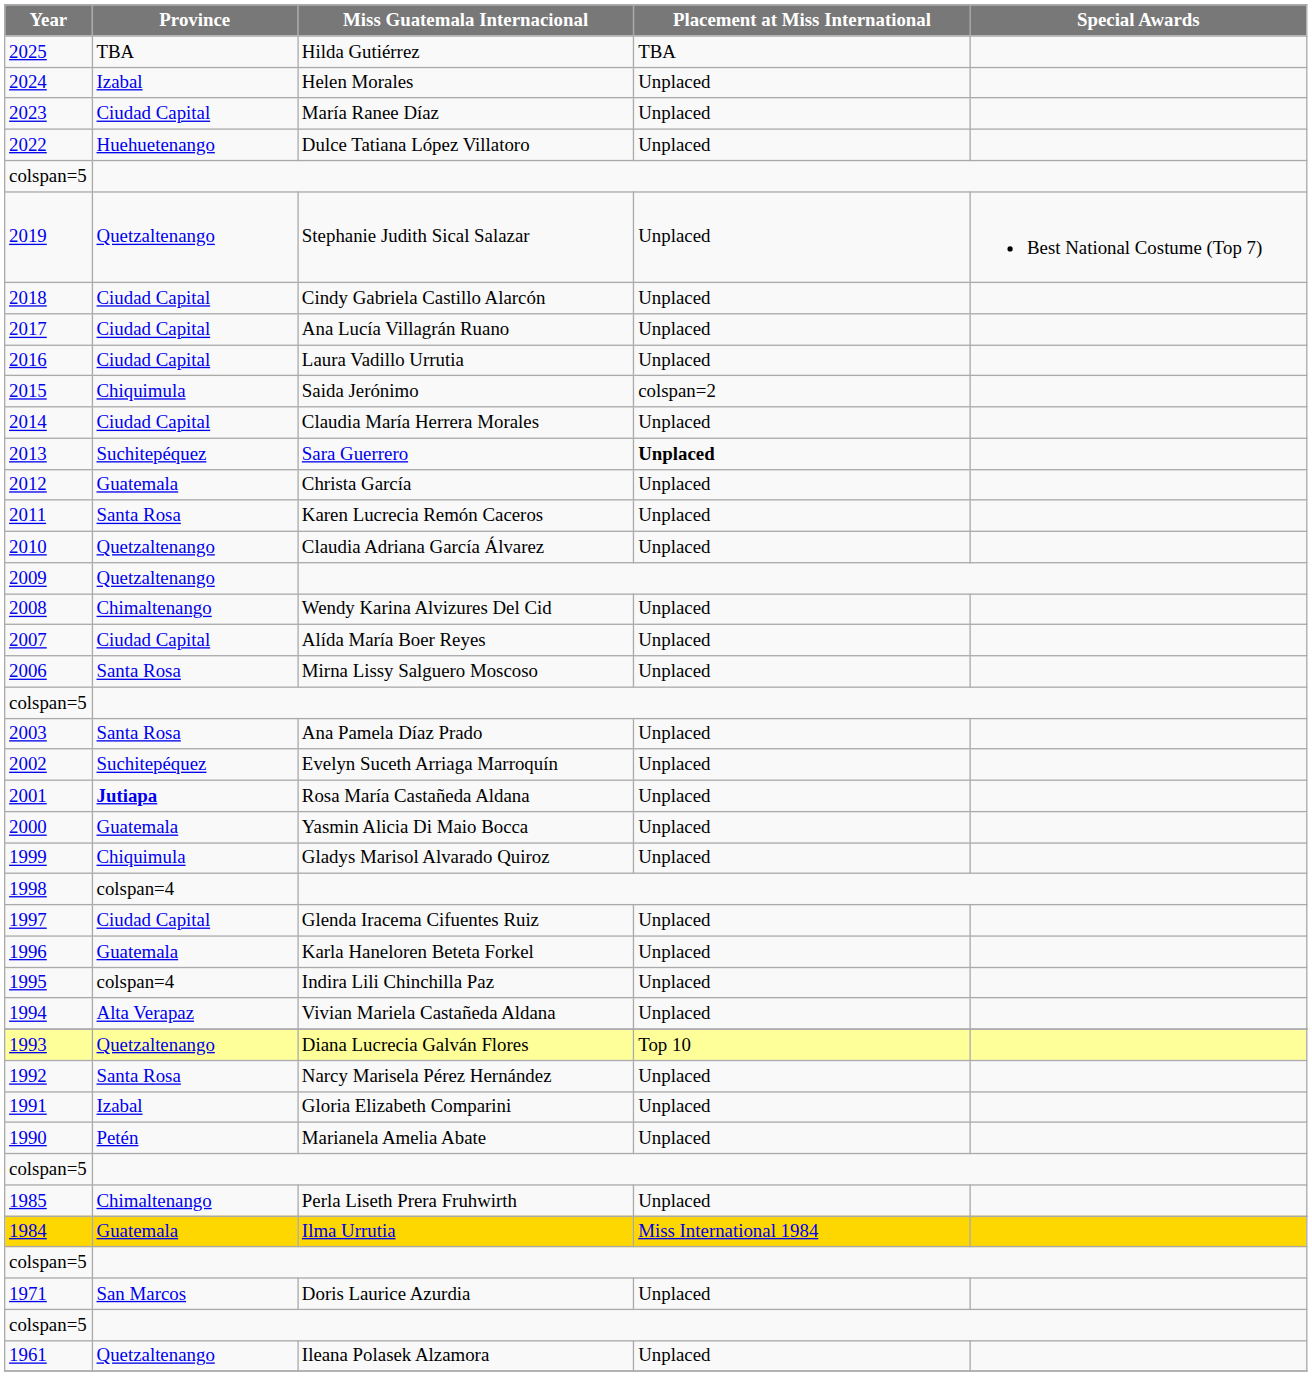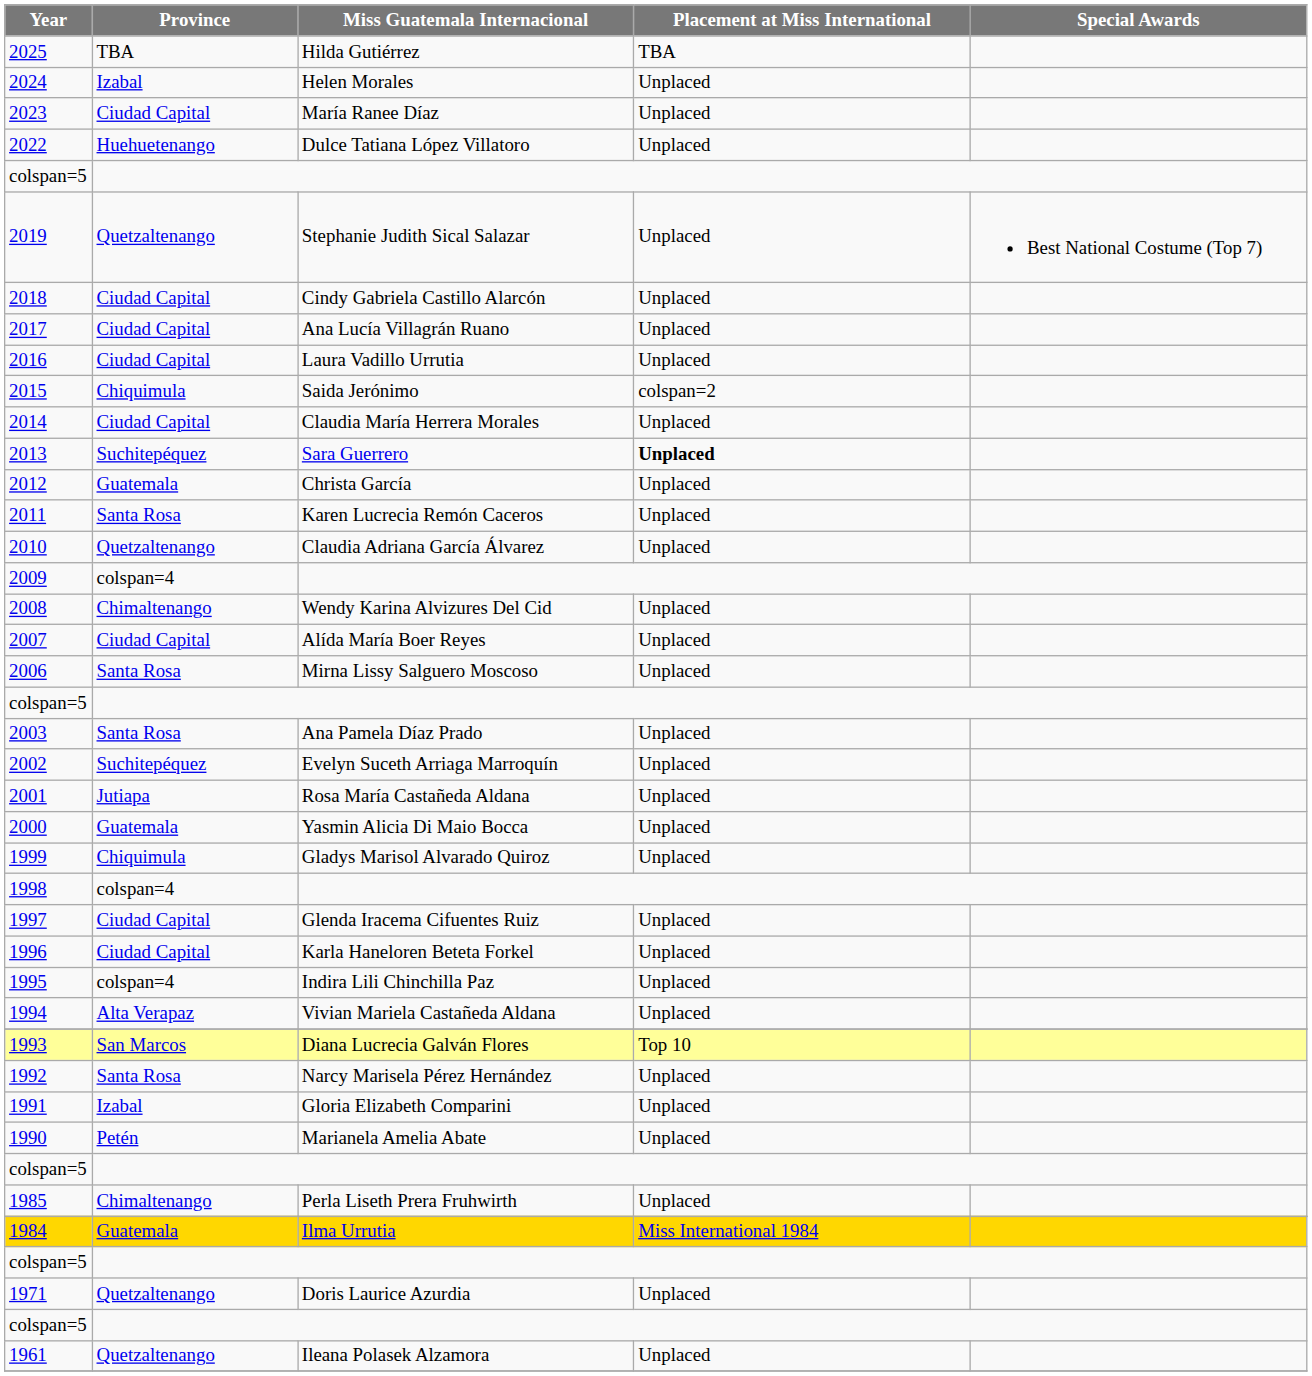 <table class="wikitable " style="font-size: 90%;">
 <tr>
 <th width="60" style="background-color:#787878;color:#FFFFFF;">Year</th>
 <th width="150" style="background-color:#787878;color:#FFFFFF;">Province</th>
 <th width="250" style="background-color:#787878;color:#FFFFFF;">Miss Guatemala Internacional</th>
 <th width="250" style="background-color:#787878;color:#FFFFFF;">Placement at Miss International</th>
 <th width="250" style="background-color:#787878;color:#FFFFFF;">Special Awards</th>
 </tr>
 <tr>
 <td><a href='#'>2025</a></td>
 <td>TBA</td>
 <td>Hilda Gutiérrez</td>
 <td>TBA</td>
 <td></td>
 </tr>
 <tr>
 <td><a href='#'>2024</a></td>
 <td><a href='#'>Izabal</a></td>
 <td>Helen Morales</td>
 <td>Unplaced</td>
 <td></td>
 </tr>
 <tr>
 <td><a href='#'>2023</a></td>
 <td><a href='#'>Ciudad Capital</a></td>
 <td>María Ranee Díaz</td>
 <td>Unplaced</td>
 <td></td>
 </tr>
 <tr>
 <td><a href='#'>2022</a></td>
 <td><a href='#'>Huehuetenango</a></td>
 <td>Dulce Tatiana López Villatoro</td>
 <td>Unplaced</td>
 <td></td>
 </tr>
 <tr>
 <td>colspan=5 </td>
 </tr>
 <tr>
 <td><a href='#'>2019</a></td>
 <td><a href='#'>Quetzaltenango</a></td>
 <td>Stephanie Judith Sical Salazar</td>
 <td>Unplaced</td>
 <td align="left"><br><ul><li>Best National Costume (Top 7)</li></ul></td>
 </tr>
 <tr>
 <td><a href='#'>2018</a></td>
 <td><a href='#'>Ciudad Capital</a></td>
 <td>Cindy Gabriela Castillo Alarcón</td>
 <td>Unplaced</td>
 <td></td>
 </tr>
 <tr>
 <td><a href='#'>2017</a></td>
 <td><a href='#'>Ciudad Capital</a></td>
 <td>Ana Lucía Villagrán Ruano</td>
 <td>Unplaced</td>
 <td></td>
 </tr>
 <tr>
 <td><a href='#'>2016</a></td>
 <td><a href='#'>Ciudad Capital</a></td>
 <td>Laura Vadillo Urrutia</td>
 <td>Unplaced</td>
 <td></td>
 </tr>
 <tr>
 <td><a href='#'>2015</a></td>
 <td><a href='#'>Chiquimula</a></td>
 <td>Saida Jerónimo</td>
 <td>colspan=2 </td>
 </tr>
 <tr>
 <td><a href='#'>2014</a></td>
 <td><a href='#'>Ciudad Capital</a></td>
 <td>Claudia María Herrera Morales</td>
 <td>Unplaced</td>
 <td></td>
 </tr>
 <tr>
 <td><a href='#'>2013</a></td>
 <td><a href='#'>Suchitepéquez</a></td>
 <td><a href='#'>Sara Guerrero</a></td>
 <td><strong>Unplaced</strong></td>
 <td></td>
 </tr>
 <tr>
 <td><a href='#'>2012</a></td>
 <td><a href='#'>Guatemala</a></td>
 <td>Christa García</td>
 <td>Unplaced</td>
 <td></td>
 </tr>
 <tr>
 <td><a href='#'>2011</a></td>
 <td><a href='#'>Santa Rosa</a></td>
 <td>Karen Lucrecia Remón Caceros</td>
 <td>Unplaced</td>
 <td></td>
 </tr>
 <tr>
 <td><a href='#'>2010</a></td>
 <td><a href='#'>Quetzaltenango</a></td>
 <td>Claudia Adriana García Álvarez</td>
 <td>Unplaced</td>
 <td></td>
 </tr>
 <tr>
 <td><a href='#'>2009</a></td>
-<td><a href='#'>Quetzaltenango</a></td>
+<td>colspan=4 </td>
 </tr>
 <tr>
 <td><a href='#'>2008</a></td>
 <td><a href='#'>Chimaltenango</a></td>
 <td>Wendy Karina Alvizures Del Cid</td>
 <td>Unplaced</td>
 <td></td>
 </tr>
 <tr>
 <td><a href='#'>2007</a></td>
 <td><a href='#'>Ciudad Capital</a></td>
 <td>Alída María Boer Reyes</td>
 <td>Unplaced</td>
 <td></td>
 </tr>
 <tr>
 <td><a href='#'>2006</a></td>
 <td><a href='#'>Santa Rosa</a></td>
 <td>Mirna Lissy Salguero Moscoso</td>
 <td>Unplaced</td>
 <td></td>
 </tr>
 <tr>
 <td>colspan=5 </td>
 </tr>
 <tr>
 <td><a href='#'>2003</a></td>
 <td><a href='#'>Santa Rosa</a></td>
 <td>Ana Pamela Díaz Prado</td>
 <td>Unplaced</td>
 <td></td>
 </tr>
 <tr>
 <td><a href='#'>2002</a></td>
 <td><a href='#'>Suchitepéquez</a></td>
 <td>Evelyn Suceth Arriaga Marroquín</td>
 <td>Unplaced</td>
 <td></td>
 </tr>
 <tr>
 <td><a href='#'>2001</a></td>
-<td><strong><a href='#'>Jutiapa</a></strong></td>
+<td><a href='#'>Jutiapa</a></td>
 <td>Rosa María Castañeda Aldana</td>
 <td>Unplaced</td>
 <td></td>
 </tr>
 <tr>
 <td><a href='#'>2000</a></td>
 <td><a href='#'>Guatemala</a></td>
 <td>Yasmin Alicia Di Maio Bocca</td>
 <td>Unplaced</td>
 <td></td>
 </tr>
 <tr>
 <td><a href='#'>1999</a></td>
 <td><a href='#'>Chiquimula</a></td>
 <td>Gladys Marisol Alvarado Quiroz</td>
 <td>Unplaced</td>
 <td></td>
 </tr>
 <tr>
 <td><a href='#'>1998</a></td>
 <td>colspan=4 </td>
 </tr>
 <tr>
 <td><a href='#'>1997</a></td>
 <td><a href='#'>Ciudad Capital</a></td>
 <td>Glenda Iracema Cifuentes Ruiz</td>
 <td>Unplaced</td>
 <td></td>
 </tr>
 <tr>
 <td><a href='#'>1996</a></td>
-<td><a href='#'>Guatemala</a></td>
+<td><a href='#'>Ciudad Capital</a></td>
 <td>Karla Haneloren Beteta Forkel</td>
 <td>Unplaced</td>
 <td></td>
 </tr>
 <tr>
 <td><a href='#'>1995</a></td>
 <td>colspan=4 </td>
 <td>Indira Lili Chinchilla Paz</td>
 <td>Unplaced</td>
 <td></td>
 </tr>
 <tr>
 <td><a href='#'>1994</a></td>
 <td><a href='#'>Alta Verapaz</a></td>
 <td>Vivian Mariela Castañeda Aldana</td>
 <td>Unplaced</td>
 <td></td>
 </tr>
 <tr>
 </tr>
 <tr style="background-color:#FFFF99; ">
 <td><a href='#'>1993</a></td>
-<td><a href='#'>Quetzaltenango</a></td>
+<td><a href='#'>San Marcos</a></td>
 <td>Diana Lucrecia Galván Flores</td>
 <td>Top 10</td>
 <td></td>
 </tr>
 <tr>
 <td><a href='#'>1992</a></td>
 <td><a href='#'>Santa Rosa</a></td>
 <td>Narcy Marisela Pérez Hernández</td>
 <td>Unplaced</td>
 <td></td>
 </tr>
 <tr>
 <td><a href='#'>1991</a></td>
 <td><a href='#'>Izabal</a></td>
 <td>Gloria Elizabeth Comparini</td>
 <td>Unplaced</td>
 <td></td>
 </tr>
 <tr>
 <td><a href='#'>1990</a></td>
 <td><a href='#'>Petén</a></td>
 <td>Marianela Amelia Abate</td>
 <td>Unplaced</td>
 <td></td>
 </tr>
 <tr>
 <td>colspan=5 </td>
 </tr>
 <tr>
 <td><a href='#'>1985</a></td>
 <td><a href='#'>Chimaltenango</a></td>
 <td>Perla Liseth Prera Fruhwirth</td>
 <td>Unplaced</td>
 <td></td>
 </tr>
 <tr>
 </tr>
 <tr style="background-color:gold; ">
 <td><a href='#'>1984</a></td>
 <td><a href='#'>Guatemala</a></td>
 <td><a href='#'>Ilma Urrutia</a></td>
 <td><a href='#'>Miss International 1984</a></td>
 <td></td>
 </tr>
 <tr>
 <td>colspan=5 </td>
 </tr>
 <tr>
 <td><a href='#'>1971</a></td>
-<td><a href='#'>San Marcos</a></td>
+<td><a href='#'>Quetzaltenango</a></td>
 <td>Doris Laurice Azurdia</td>
 <td>Unplaced</td>
 <td></td>
 </tr>
 <tr>
 <td>colspan=5 </td>
 </tr>
 <tr>
 <td><a href='#'>1961</a></td>
 <td><a href='#'>Quetzaltenango</a></td>
 <td>Ileana Polasek Alzamora</td>
 <td>Unplaced</td>
 <td></td>
 </tr>
 <tr>
 </tr>
 </table>
